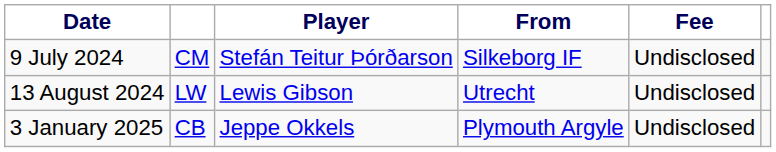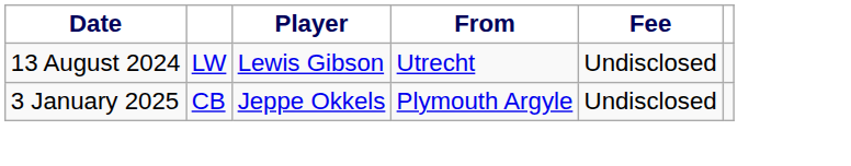 <table class="wikitable plainrowheaders sortable">
 <tr>
 <th style="background-color:#ffffff;color:#00005a; ">Date</th>
 <th style="background-color:#ffffff;color:#00005a; "></th>
 <th style="background-color:#ffffff;color:#00005a; ">Player</th>
 <th style="background-color:#ffffff;color:#00005a; ">From</th>
 <th style="background-color:#ffffff;color:#00005a; ">Fee</th>
 <th style="background-color:#ffffff;color:#00005a; "></th>
-</tr>
-<tr>
-<td>9 July 2024</td>
-<td><a href='#'>CM</a></td>
-<td> <a href='#'>Stefán Teitur Þórðarson</a></td>
-<td> <a href='#'>Silkeborg IF</a></td>
-<td>Undisclosed</td>
-<td></td>
 </tr>
 <tr>
 <td>13 August 2024</td>
 <td><a href='#'>LW</a></td>
 <td> <a href='#'>Lewis Gibson</a></td>
 <td> <a href='#'>Utrecht</a></td>
 <td>Undisclosed</td>
 <td></td>
 </tr>
 <tr>
 <td>3 January 2025</td>
 <td><a href='#'>CB</a></td>
 <td> <a href='#'>Jeppe Okkels</a></td>
 <td> <a href='#'>Plymouth Argyle</a></td>
 <td>Undisclosed</td>
 <td></td>
 </tr>
 </table>
